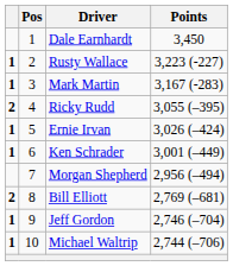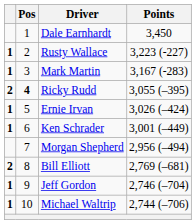 <table class="wikitable" style="font-size: 95%;">
 <tr>
 <th></th>
 <th>Pos</th>
 <th>Driver</th>
 <th>Points</th>
 </tr>
 <tr>
 <td align="left"></td>
 <td style="text-align:center;">1</td>
 <td><a href='#'>Dale Earnhardt</a></td>
 <td style="text-align:center;">3,450</td>
 </tr>
 <tr>
 <td align="left"> <strong>1</strong></td>
 <td style="text-align:center;">2</td>
 <td><a href='#'>Rusty Wallace</a></td>
 <td style="text-align:center;">3,223 (-227)</td>
 </tr>
 <tr>
 <td align="left"> <strong>1</strong></td>
 <td style="text-align:center;">3</td>
 <td><a href='#'>Mark Martin</a></td>
 <td style="text-align:center;">3,167 (-283)</td>
 </tr>
 <tr>
 <td align="left"> <strong>2</strong></td>
-<td style="text-align:center;">4</td>
+<td style="text-align:center;"><strong>4</strong></td>
 <td><a href='#'>Ricky Rudd</a></td>
 <td style="text-align:center;">3,055 (–395)</td>
 </tr>
 <tr>
 <td align="left"> <strong>1</strong></td>
 <td style="text-align:center;">5</td>
 <td><a href='#'>Ernie Irvan</a></td>
 <td style="text-align:center;">3,026 (–424)</td>
 </tr>
 <tr>
 <td align="left"> <strong>1</strong></td>
 <td style="text-align:center;">6</td>
 <td><a href='#'>Ken Schrader</a></td>
 <td style="text-align:center;">3,001 (–449)</td>
 </tr>
 <tr>
 <td align="left"></td>
 <td style="text-align:center;">7</td>
 <td><a href='#'>Morgan Shepherd</a></td>
 <td style="text-align:center;">2,956 (–494)</td>
 </tr>
 <tr>
 <td align="left"> <strong>2</strong></td>
 <td style="text-align:center;">8</td>
 <td><a href='#'>Bill Elliott</a></td>
 <td style="text-align:center;">2,769 (–681)</td>
 </tr>
 <tr>
 <td align="left"> <strong>1</strong></td>
 <td style="text-align:center;">9</td>
 <td><a href='#'>Jeff Gordon</a></td>
 <td style="text-align:center;">2,746 (–704)</td>
 </tr>
 <tr>
 <td align="left"> <strong>1</strong></td>
 <td style="text-align:center;">10</td>
 <td><a href='#'>Michael Waltrip</a></td>
 <td style="text-align:center;">2,744 (–706)</td>
 </tr>
 <tr class="sortbottom">
 <th colspan="9"></th>
 </tr>
 </table>
